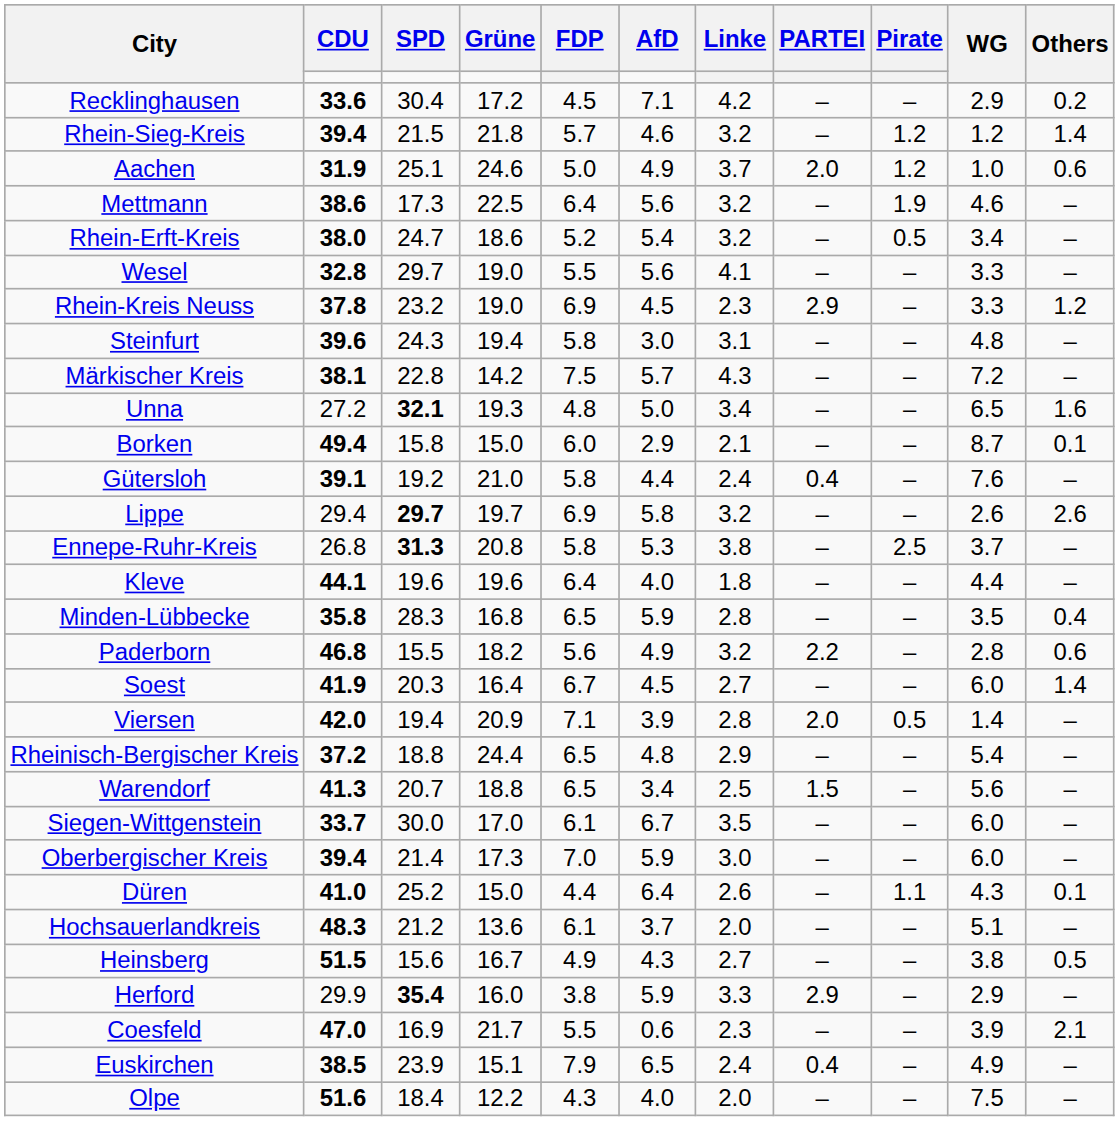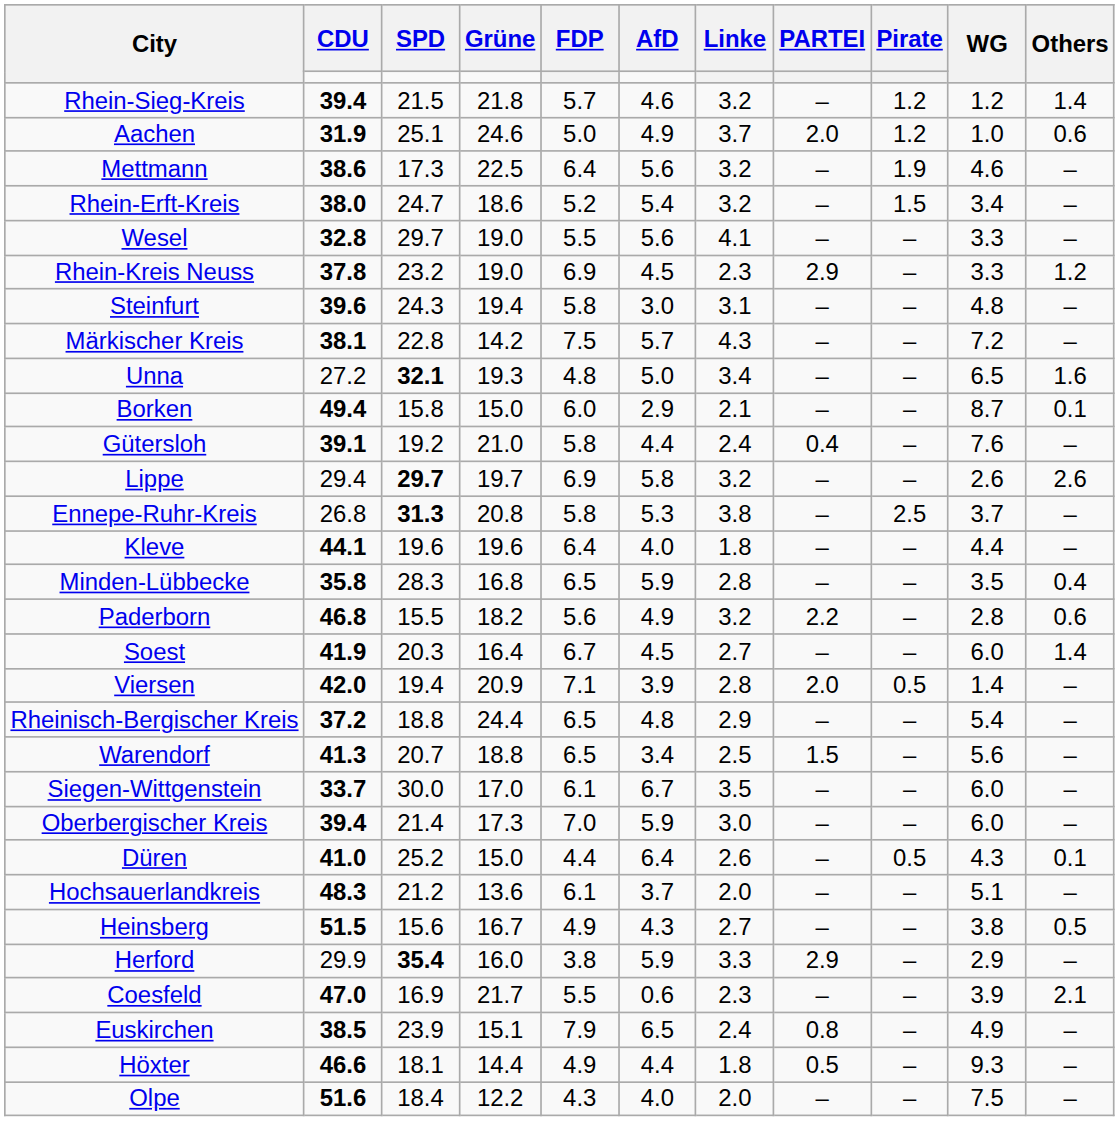 <table class=wikitable style="text-align:center; font-size:90%; line-height:14px">
 <tr style="height:40px;">
 <th rowspan=2>City</th>
 <th style="width:40px;"><a href='#'>CDU</a></th>
 <th style="width:40px;"><a href='#'>SPD</a></th>
 <th style="width:40px;"><a href='#'>Grüne</a></th>
 <th style="width:40px;"><a href='#'>FDP</a></th>
 <th style="width:40px;"><a href='#'>AfD</a></th>
 <th style="width:40px;"><a href='#'>Linke</a></th>
 <th style="width:40px;"><a href='#'>PARTEI</a></th>
 <th style="width:40px;"><a href='#'>Pirate</a></th>
 <th class="unsortable" style="width:40px;" rowspan="2">WG</th>
 <th class="unsortable" style="width:40px;" rowspan="2">Others</th>
 </tr>
 <tr>
 <td style="background:"></td>
 <td style="background:"></td>
 <td style="background:"></td>
 <th style="background:"></th>
 <td style="background:"></td>
 <th style="background:"></th>
 <th style="background:"></th>
 <th style="background:"></th>
-</tr>
-<tr>
-<td><a href='#'>Recklinghausen</a></td>
-<td><strong>33.6</strong></td>
-<td>30.4</td>
-<td>17.2</td>
-<td>4.5</td>
-<td>7.1</td>
-<td>4.2</td>
-<td>–</td>
-<td>–</td>
-<td>2.9</td>
-<td>0.2</td>
 </tr>
 <tr>
 <td><a href='#'>Rhein-Sieg-Kreis</a></td>
 <td><strong>39.4</strong></td>
 <td>21.5</td>
 <td>21.8</td>
 <td>5.7</td>
 <td>4.6</td>
 <td>3.2</td>
 <td>–</td>
 <td>1.2</td>
 <td>1.2</td>
 <td>1.4</td>
 </tr>
 <tr>
 <td><a href='#'>Aachen</a></td>
 <td><strong>31.9</strong></td>
 <td>25.1</td>
 <td>24.6</td>
 <td>5.0</td>
 <td>4.9</td>
 <td>3.7</td>
 <td>2.0</td>
 <td>1.2</td>
 <td>1.0</td>
 <td>0.6</td>
 </tr>
 <tr>
 <td><a href='#'>Mettmann</a></td>
 <td><strong>38.6</strong></td>
 <td>17.3</td>
 <td>22.5</td>
 <td>6.4</td>
 <td>5.6</td>
 <td>3.2</td>
 <td>–</td>
 <td>1.9</td>
 <td>4.6</td>
 <td>–</td>
 </tr>
 <tr>
 <td><a href='#'>Rhein-Erft-Kreis</a></td>
 <td><strong>38.0</strong></td>
 <td>24.7</td>
 <td>18.6</td>
 <td>5.2</td>
 <td>5.4</td>
 <td>3.2</td>
 <td>–</td>
-<td>0.5</td>
+<td>1.5</td>
 <td>3.4</td>
 <td>–</td>
 </tr>
 <tr>
 <td><a href='#'>Wesel</a></td>
 <td><strong>32.8</strong></td>
 <td>29.7</td>
 <td>19.0</td>
 <td>5.5</td>
 <td>5.6</td>
 <td>4.1</td>
 <td>–</td>
 <td>–</td>
 <td>3.3</td>
 <td>–</td>
 </tr>
 <tr>
 <td><a href='#'>Rhein-Kreis Neuss</a></td>
 <td><strong>37.8</strong></td>
 <td>23.2</td>
 <td>19.0</td>
 <td>6.9</td>
 <td>4.5</td>
 <td>2.3</td>
 <td>2.9</td>
 <td>–</td>
 <td>3.3</td>
 <td>1.2</td>
 </tr>
 <tr>
 <td><a href='#'>Steinfurt</a></td>
 <td><strong>39.6</strong></td>
 <td>24.3</td>
 <td>19.4</td>
 <td>5.8</td>
 <td>3.0</td>
 <td>3.1</td>
 <td>–</td>
 <td>–</td>
 <td>4.8</td>
 <td>–</td>
 </tr>
 <tr>
 <td><a href='#'>Märkischer Kreis</a></td>
 <td><strong>38.1</strong></td>
 <td>22.8</td>
 <td>14.2</td>
 <td>7.5</td>
 <td>5.7</td>
 <td>4.3</td>
 <td>–</td>
 <td>–</td>
 <td>7.2</td>
 <td>–</td>
 </tr>
 <tr>
 <td><a href='#'>Unna</a></td>
 <td>27.2</td>
 <td><strong>32.1</strong></td>
 <td>19.3</td>
 <td>4.8</td>
 <td>5.0</td>
 <td>3.4</td>
 <td>–</td>
 <td>–</td>
 <td>6.5</td>
 <td>1.6</td>
 </tr>
 <tr>
 <td><a href='#'>Borken</a></td>
 <td><strong>49.4</strong></td>
 <td>15.8</td>
 <td>15.0</td>
 <td>6.0</td>
 <td>2.9</td>
 <td>2.1</td>
 <td>–</td>
 <td>–</td>
 <td>8.7</td>
 <td>0.1</td>
 </tr>
 <tr>
 <td><a href='#'>Gütersloh</a></td>
 <td><strong>39.1</strong></td>
 <td>19.2</td>
 <td>21.0</td>
 <td>5.8</td>
 <td>4.4</td>
 <td>2.4</td>
 <td>0.4</td>
 <td>–</td>
 <td>7.6</td>
 <td>–</td>
 </tr>
 <tr>
 <td><a href='#'>Lippe</a></td>
 <td>29.4</td>
 <td><strong>29.7</strong></td>
 <td>19.7</td>
 <td>6.9</td>
 <td>5.8</td>
 <td>3.2</td>
 <td>–</td>
 <td>–</td>
 <td>2.6</td>
 <td>2.6</td>
 </tr>
 <tr>
 <td><a href='#'>Ennepe-Ruhr-Kreis</a></td>
 <td>26.8</td>
 <td><strong>31.3</strong></td>
 <td>20.8</td>
 <td>5.8</td>
 <td>5.3</td>
 <td>3.8</td>
 <td>–</td>
 <td>2.5</td>
 <td>3.7</td>
 <td>–</td>
 </tr>
 <tr>
 <td><a href='#'>Kleve</a></td>
 <td><strong>44.1</strong></td>
 <td>19.6</td>
 <td>19.6</td>
 <td>6.4</td>
 <td>4.0</td>
 <td>1.8</td>
 <td>–</td>
 <td>–</td>
 <td>4.4</td>
 <td>–</td>
 </tr>
 <tr>
 <td><a href='#'>Minden-Lübbecke</a></td>
 <td><strong>35.8</strong></td>
 <td>28.3</td>
 <td>16.8</td>
 <td>6.5</td>
 <td>5.9</td>
 <td>2.8</td>
 <td>–</td>
 <td>–</td>
 <td>3.5</td>
 <td>0.4</td>
 </tr>
 <tr>
 <td><a href='#'>Paderborn</a></td>
 <td><strong>46.8</strong></td>
 <td>15.5</td>
 <td>18.2</td>
 <td>5.6</td>
 <td>4.9</td>
 <td>3.2</td>
 <td>2.2</td>
 <td>–</td>
 <td>2.8</td>
 <td>0.6</td>
 </tr>
 <tr>
 <td><a href='#'>Soest</a></td>
 <td><strong>41.9</strong></td>
 <td>20.3</td>
 <td>16.4</td>
 <td>6.7</td>
 <td>4.5</td>
 <td>2.7</td>
 <td>–</td>
 <td>–</td>
 <td>6.0</td>
 <td>1.4</td>
 </tr>
 <tr>
 <td><a href='#'>Viersen</a></td>
 <td><strong>42.0</strong></td>
 <td>19.4</td>
 <td>20.9</td>
 <td>7.1</td>
 <td>3.9</td>
 <td>2.8</td>
 <td>2.0</td>
 <td>0.5</td>
 <td>1.4</td>
 <td>–</td>
 </tr>
 <tr>
 <td><a href='#'>Rheinisch-Bergischer Kreis</a></td>
 <td><strong>37.2</strong></td>
 <td>18.8</td>
 <td>24.4</td>
 <td>6.5</td>
 <td>4.8</td>
 <td>2.9</td>
 <td>–</td>
 <td>–</td>
 <td>5.4</td>
 <td>–</td>
 </tr>
 <tr>
 <td><a href='#'>Warendorf</a></td>
 <td><strong>41.3</strong></td>
 <td>20.7</td>
 <td>18.8</td>
 <td>6.5</td>
 <td>3.4</td>
 <td>2.5</td>
 <td>1.5</td>
 <td>–</td>
 <td>5.6</td>
 <td>–</td>
 </tr>
 <tr>
 <td><a href='#'>Siegen-Wittgenstein</a></td>
 <td><strong>33.7</strong></td>
 <td>30.0</td>
 <td>17.0</td>
 <td>6.1</td>
 <td>6.7</td>
 <td>3.5</td>
 <td>–</td>
 <td>–</td>
 <td>6.0</td>
 <td>–</td>
 </tr>
 <tr>
 <td><a href='#'>Oberbergischer Kreis</a></td>
 <td><strong>39.4</strong></td>
 <td>21.4</td>
 <td>17.3</td>
 <td>7.0</td>
 <td>5.9</td>
 <td>3.0</td>
 <td>–</td>
 <td>–</td>
 <td>6.0</td>
 <td>–</td>
 </tr>
 <tr>
 <td><a href='#'>Düren</a></td>
 <td><strong>41.0</strong></td>
 <td>25.2</td>
 <td>15.0</td>
 <td>4.4</td>
 <td>6.4</td>
 <td>2.6</td>
 <td>–</td>
-<td>1.1</td>
+<td>0.5</td>
 <td>4.3</td>
 <td>0.1</td>
 </tr>
 <tr>
 <td><a href='#'>Hochsauerlandkreis</a></td>
 <td><strong>48.3</strong></td>
 <td>21.2</td>
 <td>13.6</td>
 <td>6.1</td>
 <td>3.7</td>
 <td>2.0</td>
 <td>–</td>
 <td>–</td>
 <td>5.1</td>
 <td>–</td>
 </tr>
 <tr>
 <td><a href='#'>Heinsberg</a></td>
 <td><strong>51.5</strong></td>
 <td>15.6</td>
 <td>16.7</td>
 <td>4.9</td>
 <td>4.3</td>
 <td>2.7</td>
 <td>–</td>
 <td>–</td>
 <td>3.8</td>
 <td>0.5</td>
 </tr>
 <tr>
 <td><a href='#'>Herford</a></td>
 <td>29.9</td>
 <td><strong>35.4</strong></td>
 <td>16.0</td>
 <td>3.8</td>
 <td>5.9</td>
 <td>3.3</td>
 <td>2.9</td>
 <td>–</td>
 <td>2.9</td>
 <td>–</td>
 </tr>
 <tr>
 <td><a href='#'>Coesfeld</a></td>
 <td><strong>47.0</strong></td>
 <td>16.9</td>
 <td>21.7</td>
 <td>5.5</td>
 <td>0.6</td>
 <td>2.3</td>
 <td>–</td>
 <td>–</td>
 <td>3.9</td>
 <td>2.1</td>
 </tr>
 <tr>
 <td><a href='#'>Euskirchen</a></td>
 <td><strong>38.5</strong></td>
 <td>23.9</td>
 <td>15.1</td>
 <td>7.9</td>
 <td>6.5</td>
 <td>2.4</td>
-<td>0.4</td>
+<td>0.8</td>
 <td>–</td>
 <td>4.9</td>
+<td>–</td>
+</tr>
+<tr>
+<td><a href='#'>Höxter</a></td>
+<td><strong>46.6</strong></td>
+<td>18.1</td>
+<td>14.4</td>
+<td>4.9</td>
+<td>4.4</td>
+<td>1.8</td>
+<td>0.5</td>
+<td>–</td>
+<td>9.3</td>
 <td>–</td>
 </tr>
 <tr>
 <td><a href='#'>Olpe</a></td>
 <td><strong>51.6</strong></td>
 <td>18.4</td>
 <td>12.2</td>
 <td>4.3</td>
 <td>4.0</td>
 <td>2.0</td>
 <td>–</td>
 <td>–</td>
 <td>7.5</td>
 <td>–</td>
 </tr>
 </table>
